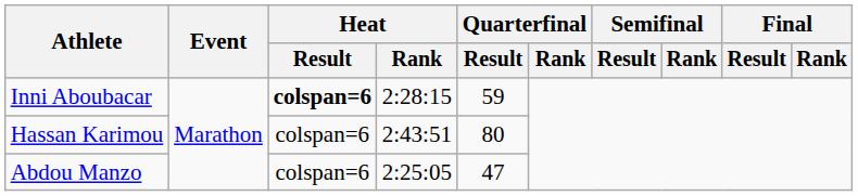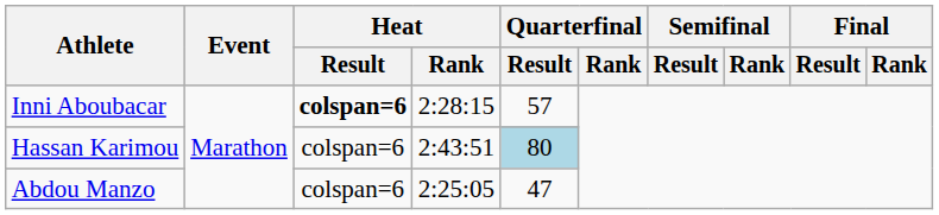 <table class="wikitable" style="font-size:90%">
 <tr>
 <th rowspan="2">Athlete</th>
 <th rowspan="2">Event</th>
 <th colspan="2">Heat</th>
 <th colspan="2">Quarterfinal</th>
 <th colspan="2">Semifinal</th>
 <th colspan="2">Final</th>
 </tr>
 <tr style="font-size:95%">
 <th>Result</th>
 <th>Rank</th>
 <th>Result</th>
 <th>Rank</th>
 <th>Result</th>
 <th>Rank</th>
 <th>Result</th>
 <th>Rank</th>
 </tr>
 <tr align=center>
 <td align=left><a href='#'>Inni Aboubacar</a></td>
 <td align=left rowspan=3><a href='#'>Marathon</a></td>
 <td><strong>colspan=6 </strong></td>
 <td>2:28:15</td>
-<td>59</td>
+<td>57</td>
 </tr>
 <tr align=center>
 <td align=left><a href='#'>Hassan Karimou</a></td>
 <td>colspan=6 </td>
 <td>2:43:51</td>
-<td>80</td>
+<td style="background: lightblue;">80</td>
 </tr>
 <tr align=center>
 <td align=left><a href='#'>Abdou Manzo</a></td>
 <td>colspan=6 </td>
 <td>2:25:05</td>
 <td>47</td>
 </tr>
 </table>
